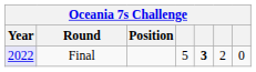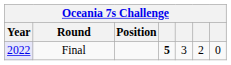 <table class="wikitable" style="text-align: center;">
 <tr>
 <th colspan=10><a href='#'>Oceania 7s Challenge</a></th>
 </tr>
 <tr>
 <th>Year</th>
 <th style="width:6.5em;">Round</th>
 <th style="padding:2px;">Position</th>
 <th style="width:1em;"></th>
 <th style="width:1em;"></th>
 <th style="width:1em;"></th>
 <th style="width:1em;"></th>
 </tr>
 <tr>
 <td style="background: lavender;"> <a href='#'>2022</a></td>
 <td>Final</td>
 <td></td>
-<td>5</td>
-<td><strong>3</strong></td>
+<td><strong>5</strong></td>
+<td>3</td>
 <td>2</td>
 <td>0</td>
 </tr>
 </table>
